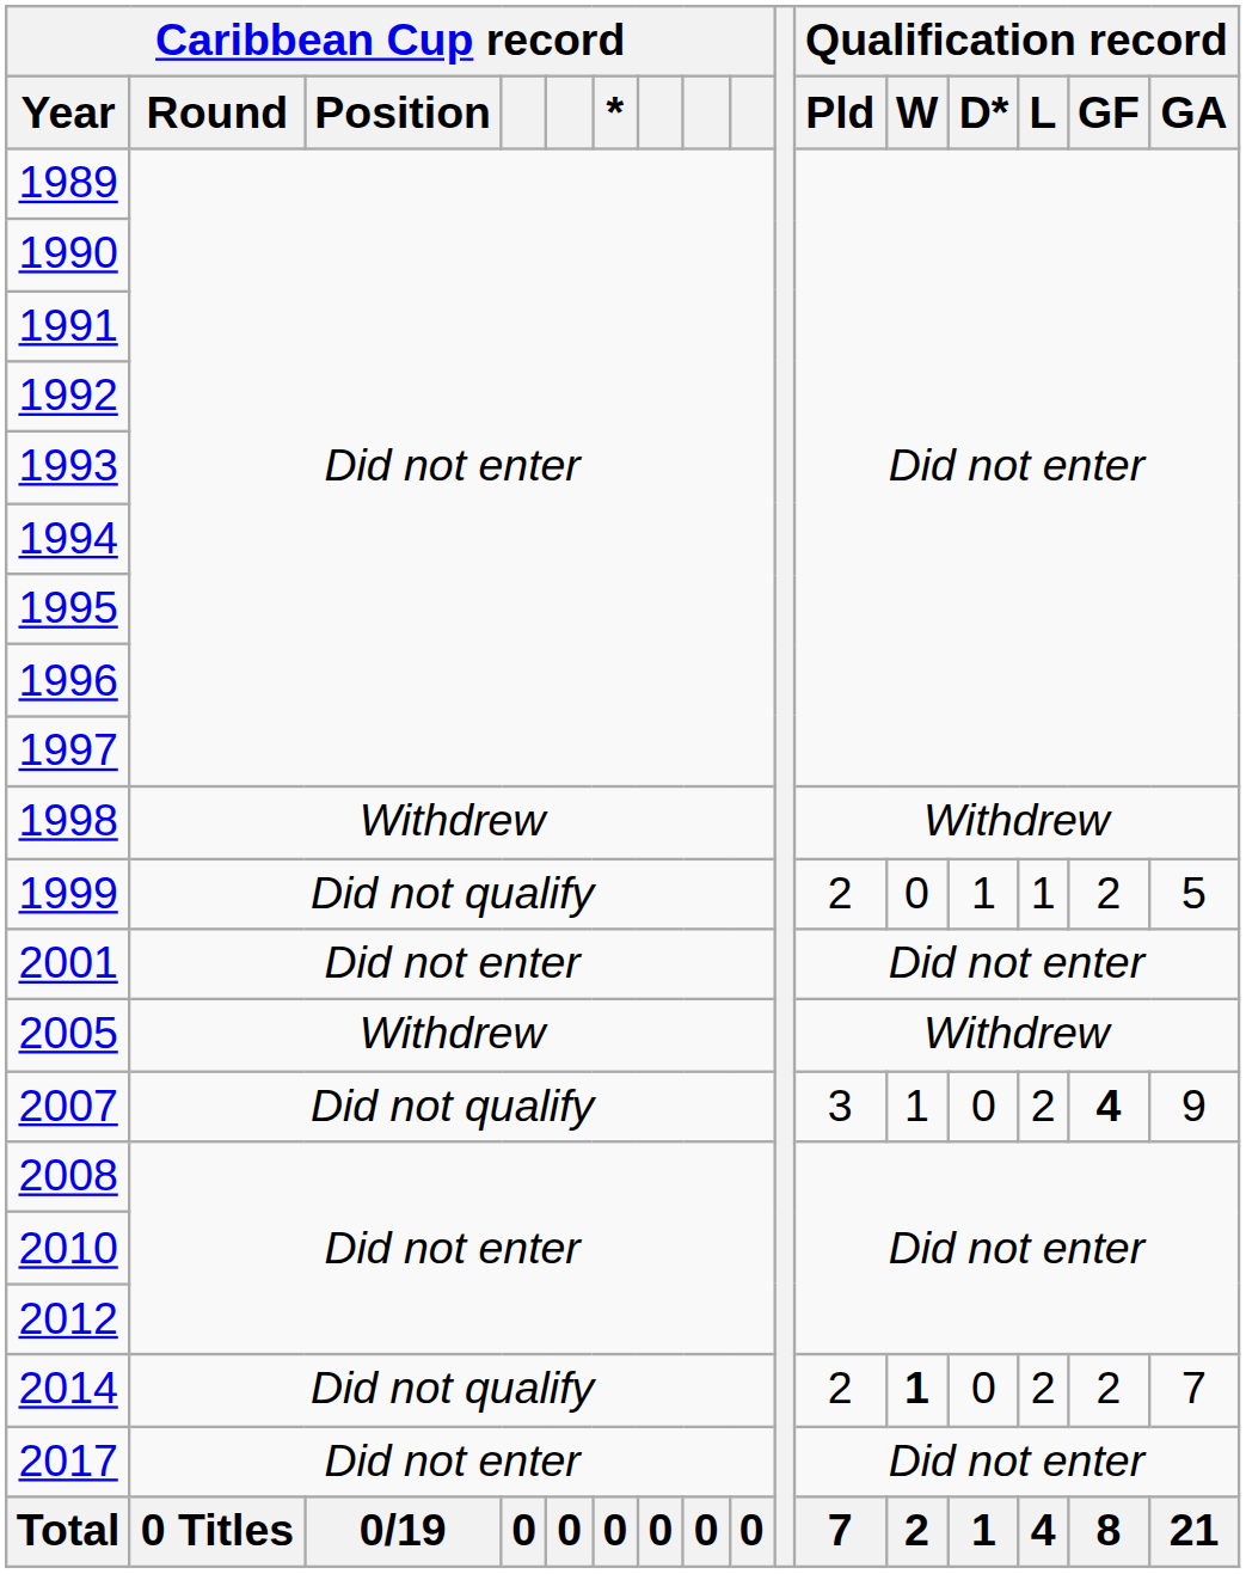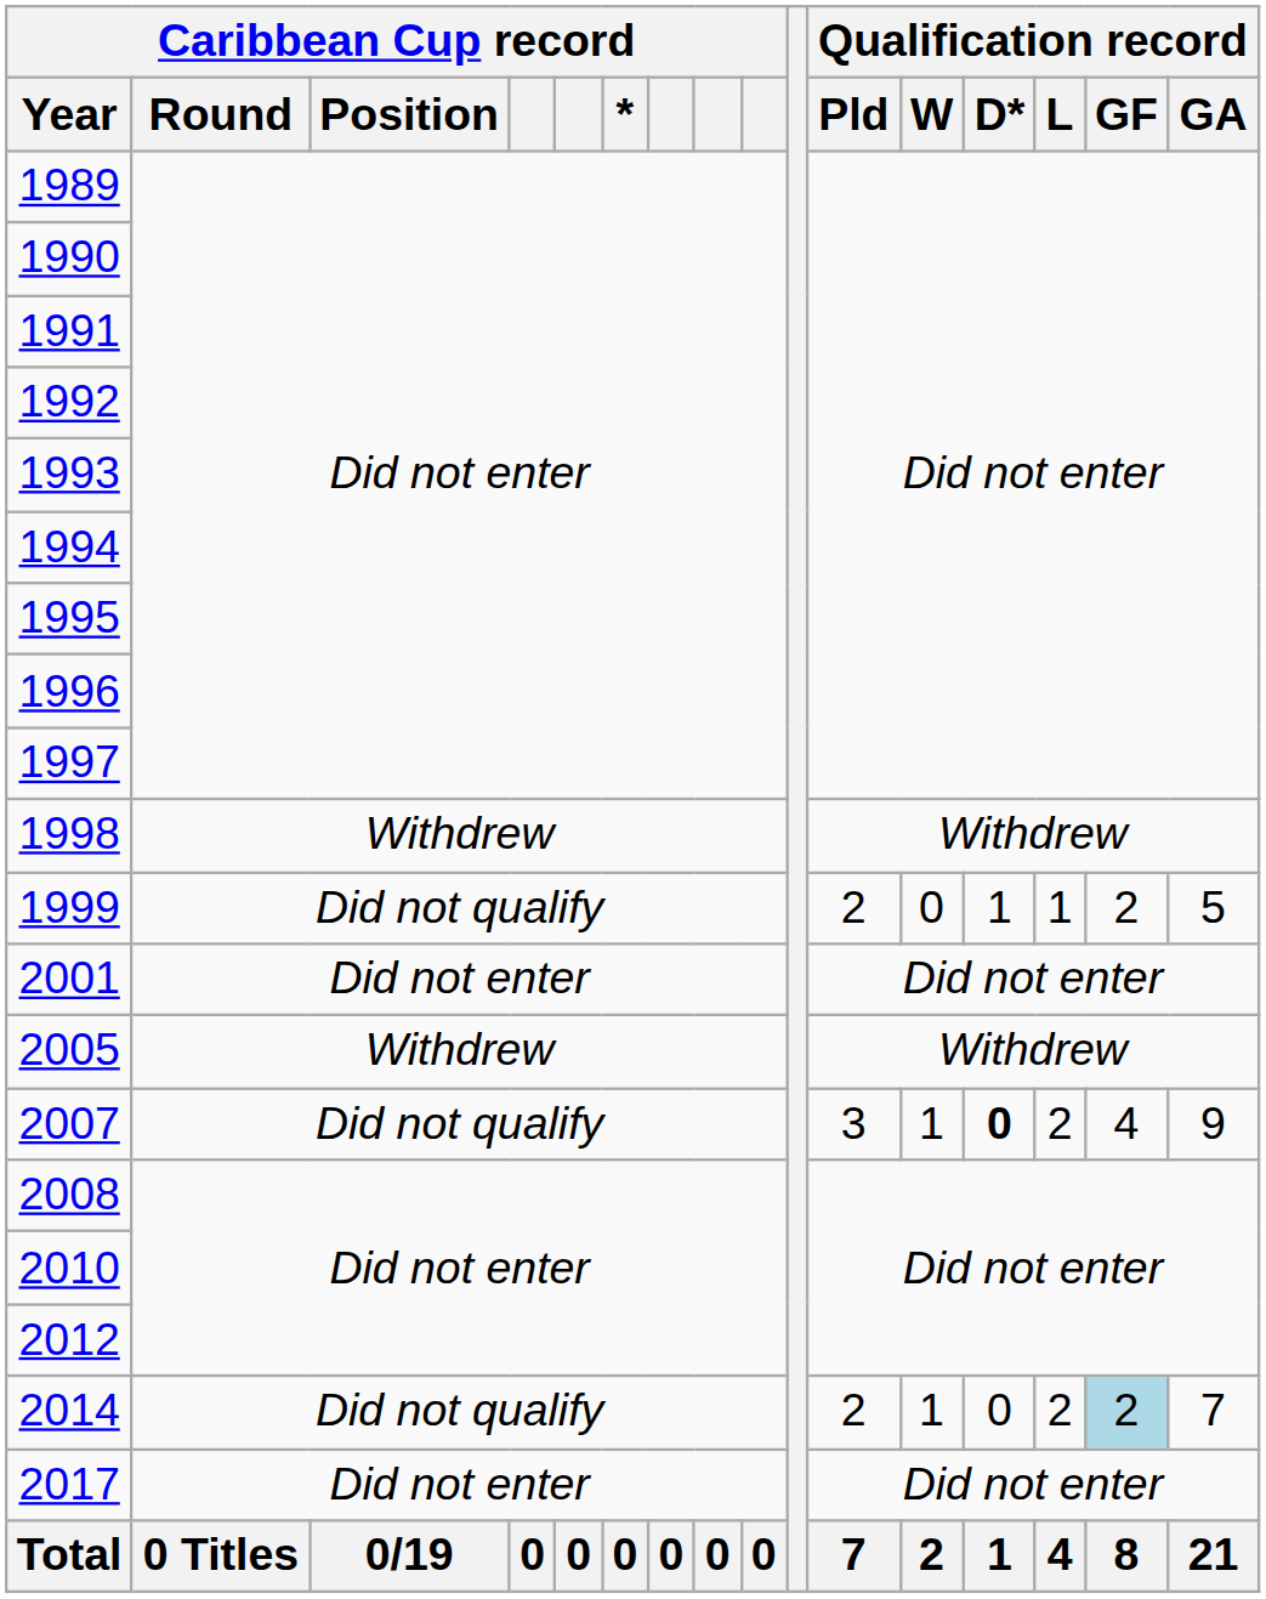 <table class="wikitable" style="text-align: center;">
 <tr>
 <th colspan=9><a href='#'>Caribbean Cup</a> record</th>
 <th !width=1% rowspan=28></th>
 <th colspan=6>Qualification record</th>
 </tr>
 <tr>
 <th>Year</th>
 <th>Round</th>
 <th>Position</th>
 <th></th>
 <th></th>
 <th>*</th>
 <th></th>
 <th></th>
 <th></th>
 <th>Pld</th>
 <th>W</th>
 <th>D*</th>
 <th>L</th>
 <th>GF</th>
 <th>GA</th>
 </tr>
 <tr>
 <td> <a href='#'>1989</a></td>
 <td colspan=8 rowspan=9><em>Did not enter</em></td>
 <td colspan=6 rowspan=9><em>Did not enter</em></td>
 </tr>
 <tr>
 <td> <a href='#'>1990</a></td>
 </tr>
 <tr>
 <td> <a href='#'>1991</a></td>
 </tr>
 <tr>
 <td> <a href='#'>1992</a></td>
 </tr>
 <tr>
 <td> <a href='#'>1993</a></td>
 </tr>
 <tr>
 <td> <a href='#'>1994</a></td>
 </tr>
 <tr>
 <td>  <a href='#'>1995</a></td>
 </tr>
 <tr>
 <td> <a href='#'>1996</a></td>
 </tr>
 <tr>
 <td>  <a href='#'>1997</a></td>
 </tr>
 <tr>
 <td>  <a href='#'>1998</a></td>
 <td colspan=8><em>Withdrew</em></td>
 <td colspan=6><em>Withdrew</em></td>
 </tr>
 <tr>
 <td> <a href='#'>1999</a></td>
 <td colspan=8><em>Did not qualify</em></td>
 <td>2</td>
 <td>0</td>
 <td>1</td>
 <td>1</td>
 <td>2</td>
 <td>5</td>
 </tr>
 <tr>
 <td> <a href='#'>2001</a></td>
 <td colspan=8><em>Did not enter</em></td>
 <td colspan=6><em>Did not enter</em></td>
 </tr>
 <tr>
 <td> <a href='#'>2005</a></td>
 <td colspan=8><em>Withdrew</em></td>
 <td colspan=6><em>Withdrew</em></td>
 </tr>
 <tr>
 <td> <a href='#'>2007</a></td>
 <td colspan=8><em>Did not qualify</em></td>
 <td>3</td>
 <td>1</td>
-<td>0</td>
+<td><strong>0</strong></td>
 <td>2</td>
-<td><strong>4</strong></td>
+<td>4</td>
 <td>9</td>
 </tr>
 <tr>
 <td> <a href='#'>2008</a></td>
 <td colspan=8 rowspan=3><em>Did not enter</em></td>
 <td colspan=6 rowspan=3><em>Did not enter</em></td>
 </tr>
 <tr>
 <td> <a href='#'>2010</a></td>
 </tr>
 <tr>
 <td> <a href='#'>2012</a></td>
 </tr>
 <tr>
 <td> <a href='#'>2014</a></td>
 <td colspan=8><em>Did not qualify</em></td>
 <td>2</td>
-<td><strong>1</strong></td>
+<td>1</td>
 <td>0</td>
 <td>2</td>
-<td>2</td>
+<td style="background: lightblue;">2</td>
 <td>7</td>
 </tr>
 <tr>
 <td> <a href='#'>2017</a></td>
 <td colspan=8><em>Did not enter</em></td>
 <td colspan=6><em>Did not enter</em></td>
 </tr>
 <tr>
 <th>Total</th>
 <th>0 Titles</th>
 <th>0/19</th>
 <th>0</th>
 <th>0</th>
 <th>0</th>
 <th>0</th>
 <th>0</th>
 <th>0</th>
 <th>7</th>
 <th>2</th>
 <th>1</th>
 <th>4</th>
 <th>8</th>
 <th>21</th>
 </tr>
 </table>
